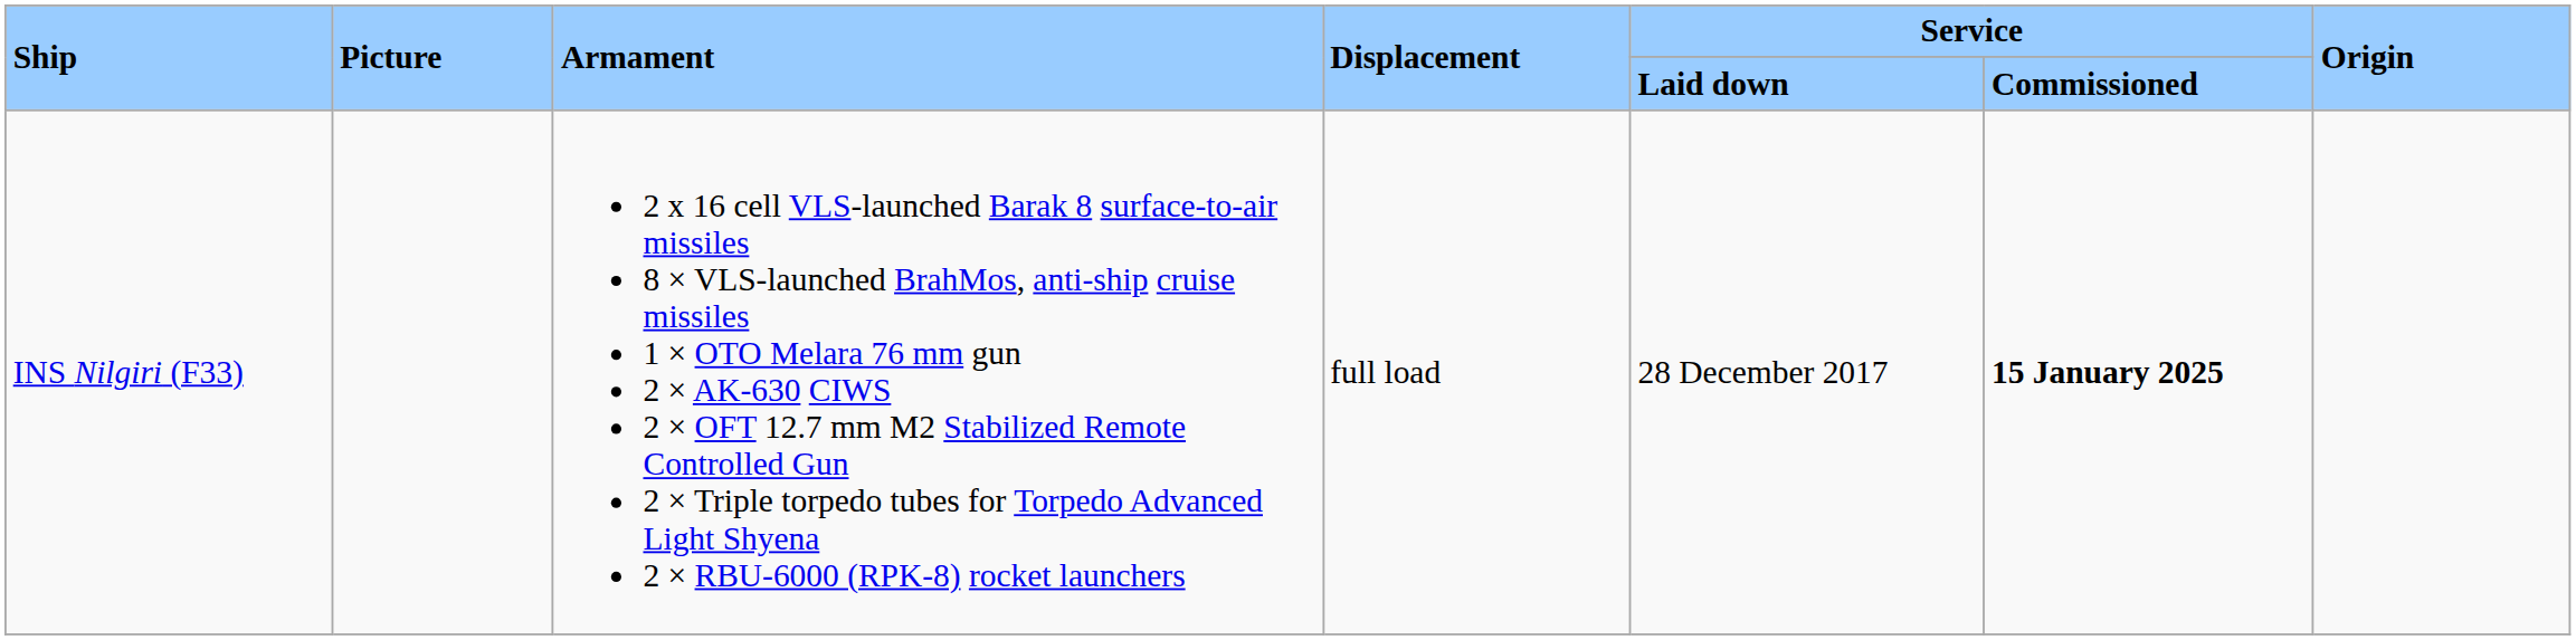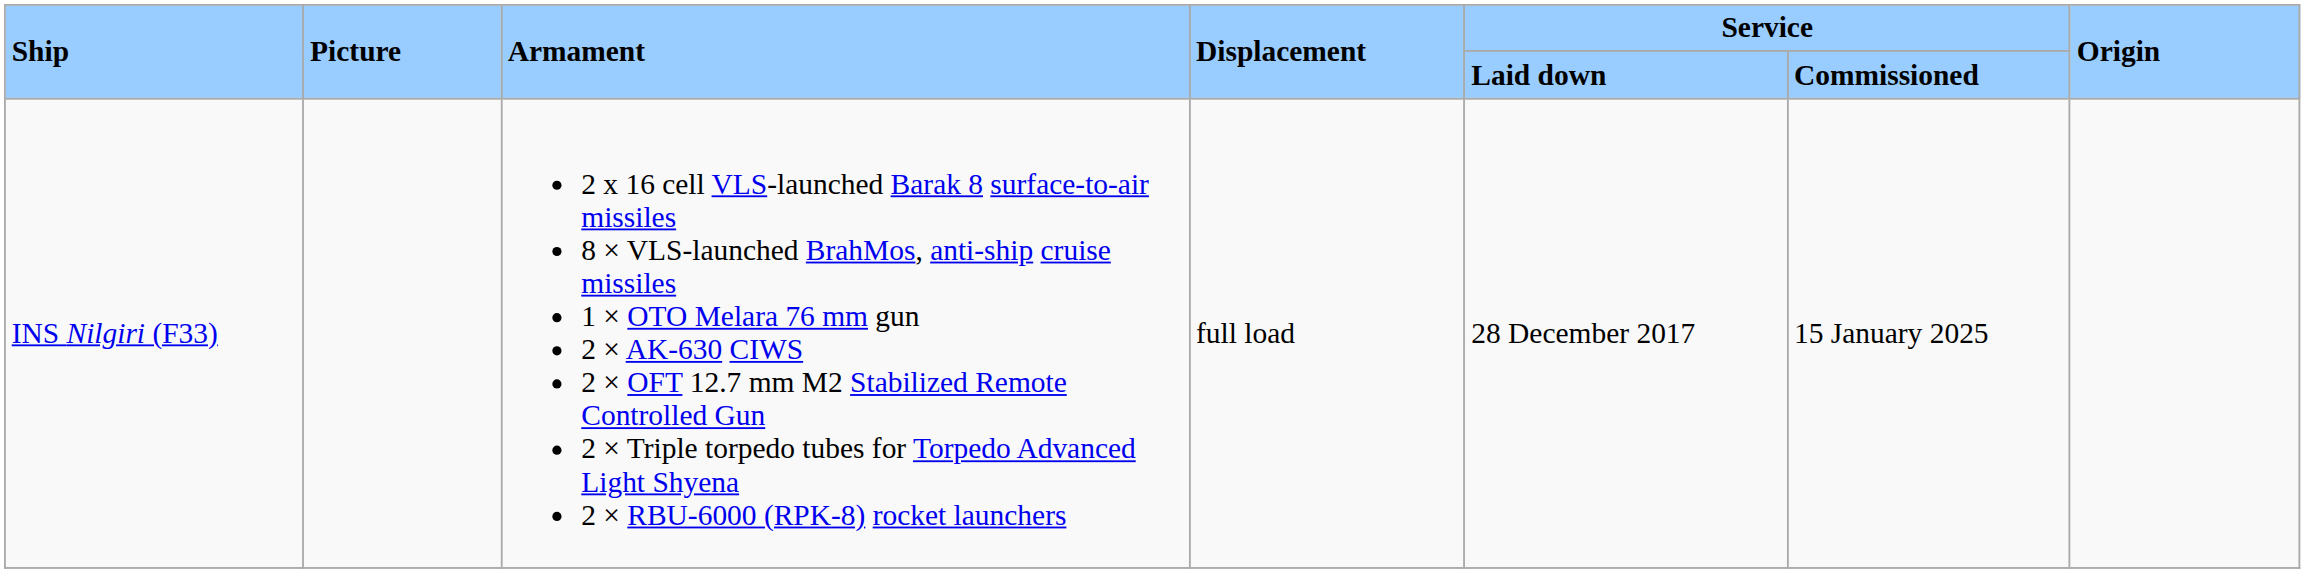 <table class="wikitable">
 <tr>
 <th align= center scope=col rowspan=2 style="text-align:left; background:#9cf;"><div>Ship</div></th>
 <th align= center scope=col rowspan=2 style="text-align:left; width:100px; background:#9cf;"><div>Picture</div></th>
 <th align= center scope=col rowspan=2 style="text-align:left; width:30%;background:#9cf;"><div>Armament</div></th>
 <th align= center scope=col rowspan=2 style="text-align:left; width:12%; background:#9cf;"><div>Displacement</div></th>
 <th align= center scope=col colspan=2 style="text-align:center; background:#9cf;"><div>Service</div></th>
 <th align= center scope=col rowspan=2 style="text-align:left; width:10%; background:#9cf;"><div>Origin</div></th>
 </tr>
 <tr>
 <th align= center scope=col style="text-align:left; background:#9cf;"><div>Laid down</div></th>
 <th align= center scope=col style="text-align:left; background:#9cf;"><div>Commissioned</div></th>
 </tr>
 <tr>
 <td><a href='#'>INS <em>Nilgiri</em> (F33)</a></td>
 <td></td>
 <td><br><ul><li>2 x 16 cell <a href='#'>VLS</a>-launched <a href='#'>Barak 8</a> <a href='#'>surface-to-air missiles</a></li><li>8 × VLS-launched <a href='#'>BrahMos</a>, <a href='#'>anti-ship</a> <a href='#'>cruise missiles</a></li><li>1 × <a href='#'>OTO Melara 76 mm</a> gun</li><li>2 × <a href='#'>AK-630</a> <a href='#'>CIWS</a></li><li>2 × <a href='#'>OFT</a> 12.7 mm M2 <a href='#'>Stabilized Remote Controlled Gun</a></li><li>2 × Triple torpedo tubes for <a href='#'>Torpedo Advanced Light Shyena</a></li><li>2 × <a href='#'>RBU-6000 (RPK-8)</a> <a href='#'>rocket launchers</a></li></ul></td>
 <td>  full load</td>
 <td>28 December 2017</td>
-<td><strong>15 January 2025</strong></td>
+<td>15 January 2025</td>
 <td></td>
 </tr>
 </table>
